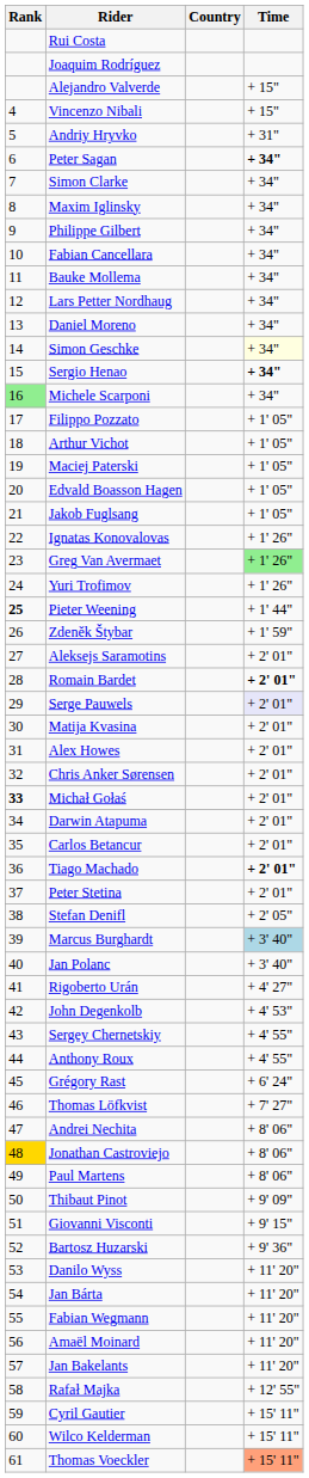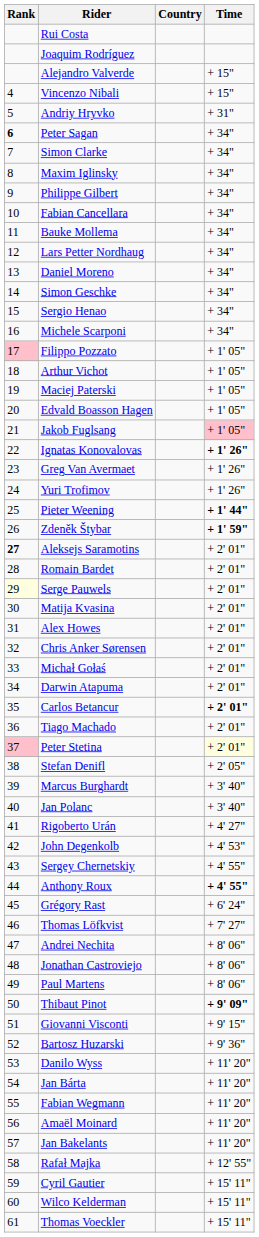 <table class="wikitable" style="font-size:95%; text-align:left;">
 <tr>
 <th>Rank</th>
 <th>Rider</th>
 <th>Country</th>
 <th>Time</th>
 </tr>
 <tr>
 <td></td>
 <td><a href='#'>Rui Costa</a></td>
 <td></td>
 <td></td>
 </tr>
 <tr>
 <td></td>
 <td><a href='#'>Joaquim Rodríguez</a></td>
 <td></td>
 <td></td>
 </tr>
 <tr>
 <td></td>
 <td><a href='#'>Alejandro Valverde</a></td>
 <td></td>
 <td>+ 15"</td>
 </tr>
 <tr>
 <td>4</td>
 <td><a href='#'>Vincenzo Nibali</a></td>
 <td></td>
 <td>+ 15"</td>
 </tr>
 <tr>
 <td>5</td>
 <td><a href='#'>Andriy Hryvko</a></td>
 <td></td>
 <td>+ 31"</td>
 </tr>
 <tr>
-<td>6</td>
+<td><strong>6</strong></td>
 <td><a href='#'>Peter Sagan</a></td>
 <td></td>
-<td><strong>+ 34"</strong></td>
+<td>+ 34"</td>
 </tr>
 <tr>
 <td>7</td>
 <td><a href='#'>Simon Clarke</a></td>
 <td></td>
 <td>+ 34"</td>
 </tr>
 <tr>
 <td>8</td>
 <td><a href='#'>Maxim Iglinsky</a></td>
 <td></td>
 <td>+ 34"</td>
 </tr>
 <tr>
 <td>9</td>
 <td><a href='#'>Philippe Gilbert</a></td>
 <td></td>
 <td>+ 34"</td>
 </tr>
 <tr>
 <td>10</td>
 <td><a href='#'>Fabian Cancellara</a></td>
 <td></td>
 <td>+ 34"</td>
 </tr>
 <tr>
 <td>11</td>
 <td><a href='#'>Bauke Mollema</a></td>
 <td></td>
 <td>+ 34"</td>
 </tr>
 <tr>
 <td>12</td>
 <td><a href='#'>Lars Petter Nordhaug</a></td>
 <td></td>
 <td>+ 34"</td>
 </tr>
 <tr>
 <td>13</td>
 <td><a href='#'>Daniel Moreno</a></td>
 <td></td>
 <td>+ 34"</td>
 </tr>
 <tr>
 <td>14</td>
 <td><a href='#'>Simon Geschke</a></td>
 <td></td>
-<td style="background: lightyellow;">+ 34"</td>
+<td>+ 34"</td>
 </tr>
 <tr>
 <td>15</td>
 <td><a href='#'>Sergio Henao</a></td>
 <td></td>
-<td><strong>+ 34"</strong></td>
+<td>+ 34"</td>
 </tr>
 <tr>
-<td style="background: lightgreen;">16</td>
+<td>16</td>
 <td><a href='#'>Michele Scarponi</a></td>
 <td></td>
 <td>+ 34"</td>
 </tr>
 <tr>
-<td>17</td>
+<td style="background: pink;">17</td>
 <td><a href='#'>Filippo Pozzato</a></td>
 <td></td>
 <td>+ 1' 05"</td>
 </tr>
 <tr>
 <td>18</td>
 <td><a href='#'>Arthur Vichot</a></td>
 <td></td>
 <td>+ 1' 05"</td>
 </tr>
 <tr>
 <td>19</td>
 <td><a href='#'>Maciej Paterski</a></td>
 <td></td>
 <td>+ 1' 05"</td>
 </tr>
 <tr>
 <td>20</td>
 <td><a href='#'>Edvald Boasson Hagen</a></td>
 <td></td>
 <td>+ 1' 05"</td>
 </tr>
 <tr>
 <td>21</td>
 <td><a href='#'>Jakob Fuglsang</a></td>
 <td></td>
-<td>+ 1' 05"</td>
+<td style="background: pink;">+ 1' 05"</td>
 </tr>
 <tr>
 <td>22</td>
 <td><a href='#'>Ignatas Konovalovas</a></td>
 <td></td>
-<td>+ 1' 26"</td>
+<td><strong>+ 1' 26"</strong></td>
 </tr>
 <tr>
 <td>23</td>
 <td><a href='#'>Greg Van Avermaet</a></td>
 <td></td>
-<td style="background: lightgreen;">+ 1' 26"</td>
+<td>+ 1' 26"</td>
 </tr>
 <tr>
 <td>24</td>
 <td><a href='#'>Yuri Trofimov</a></td>
 <td></td>
 <td>+ 1' 26"</td>
 </tr>
 <tr>
-<td><strong>25</strong></td>
+<td>25</td>
 <td><a href='#'>Pieter Weening</a></td>
 <td></td>
-<td>+ 1' 44"</td>
+<td><strong>+ 1' 44"</strong></td>
 </tr>
 <tr>
 <td>26</td>
 <td><a href='#'>Zdeněk Štybar</a></td>
 <td></td>
-<td>+ 1' 59"</td>
+<td><strong>+ 1' 59"</strong></td>
 </tr>
 <tr>
-<td>27</td>
+<td><strong>27</strong></td>
 <td><a href='#'>Aleksejs Saramotins</a></td>
 <td></td>
 <td>+ 2' 01"</td>
 </tr>
 <tr>
 <td>28</td>
 <td><a href='#'>Romain Bardet</a></td>
 <td></td>
-<td><strong>+ 2' 01"</strong></td>
+<td>+ 2' 01"</td>
 </tr>
 <tr>
-<td>29</td>
+<td style="background: lightyellow;">29</td>
 <td><a href='#'>Serge Pauwels</a></td>
 <td></td>
-<td style="background: lavender;">+ 2' 01"</td>
+<td>+ 2' 01"</td>
 </tr>
 <tr>
 <td>30</td>
 <td><a href='#'>Matija Kvasina</a></td>
 <td></td>
 <td>+ 2' 01"</td>
 </tr>
 <tr>
 <td>31</td>
 <td><a href='#'>Alex Howes</a></td>
 <td></td>
 <td>+ 2' 01"</td>
 </tr>
 <tr>
 <td>32</td>
 <td><a href='#'>Chris Anker Sørensen</a></td>
 <td></td>
 <td>+ 2' 01"</td>
 </tr>
 <tr>
-<td><strong>33</strong></td>
+<td>33</td>
 <td><a href='#'>Michał Gołaś</a></td>
 <td></td>
 <td>+ 2' 01"</td>
 </tr>
 <tr>
 <td>34</td>
 <td><a href='#'>Darwin Atapuma</a></td>
 <td></td>
 <td>+ 2' 01"</td>
 </tr>
 <tr>
 <td>35</td>
 <td><a href='#'>Carlos Betancur</a></td>
 <td></td>
-<td>+ 2' 01"</td>
+<td><strong>+ 2' 01"</strong></td>
 </tr>
 <tr>
 <td>36</td>
 <td><a href='#'>Tiago Machado</a></td>
 <td></td>
-<td><strong>+ 2' 01"</strong></td>
+<td>+ 2' 01"</td>
 </tr>
 <tr>
-<td>37</td>
+<td style="background: pink;">37</td>
 <td><a href='#'>Peter Stetina</a></td>
 <td></td>
-<td>+ 2' 01"</td>
+<td style="background: lightyellow;">+ 2' 01"</td>
 </tr>
 <tr>
 <td>38</td>
 <td><a href='#'>Stefan Denifl</a></td>
 <td></td>
 <td>+ 2' 05"</td>
 </tr>
 <tr>
 <td>39</td>
 <td><a href='#'>Marcus Burghardt</a></td>
 <td></td>
-<td style="background: lightblue;">+ 3' 40"</td>
+<td>+ 3' 40"</td>
 </tr>
 <tr>
 <td>40</td>
 <td><a href='#'>Jan Polanc</a></td>
 <td></td>
 <td>+ 3' 40"</td>
 </tr>
 <tr>
 <td>41</td>
 <td><a href='#'>Rigoberto Urán</a></td>
 <td></td>
 <td>+ 4' 27"</td>
 </tr>
 <tr>
 <td>42</td>
 <td><a href='#'>John Degenkolb</a></td>
 <td></td>
 <td>+ 4' 53"</td>
 </tr>
 <tr>
 <td>43</td>
 <td><a href='#'>Sergey Chernetskiy</a></td>
 <td></td>
 <td>+ 4' 55"</td>
 </tr>
 <tr>
 <td>44</td>
 <td><a href='#'>Anthony Roux</a></td>
 <td></td>
-<td>+ 4' 55"</td>
+<td><strong>+ 4' 55"</strong></td>
 </tr>
 <tr>
 <td>45</td>
 <td><a href='#'>Grégory Rast</a></td>
 <td></td>
 <td>+ 6' 24"</td>
 </tr>
 <tr>
 <td>46</td>
 <td><a href='#'>Thomas Löfkvist</a></td>
 <td></td>
 <td>+ 7' 27"</td>
 </tr>
 <tr>
 <td>47</td>
 <td><a href='#'>Andrei Nechita</a></td>
 <td></td>
 <td>+ 8' 06"</td>
 </tr>
 <tr>
-<td style="background: gold;">48</td>
+<td>48</td>
 <td><a href='#'>Jonathan Castroviejo</a></td>
 <td></td>
 <td>+ 8' 06"</td>
 </tr>
 <tr>
 <td>49</td>
 <td><a href='#'>Paul Martens</a></td>
 <td></td>
 <td>+ 8' 06"</td>
 </tr>
 <tr>
 <td>50</td>
 <td><a href='#'>Thibaut Pinot</a></td>
 <td></td>
-<td>+ 9' 09"</td>
+<td><strong>+ 9' 09"</strong></td>
 </tr>
 <tr>
 <td>51</td>
 <td><a href='#'>Giovanni Visconti</a></td>
 <td></td>
 <td>+ 9' 15"</td>
 </tr>
 <tr>
 <td>52</td>
 <td><a href='#'>Bartosz Huzarski</a></td>
 <td></td>
 <td>+ 9' 36"</td>
 </tr>
 <tr>
 <td>53</td>
 <td><a href='#'>Danilo Wyss</a></td>
 <td></td>
 <td>+ 11' 20"</td>
 </tr>
 <tr>
 <td>54</td>
 <td><a href='#'>Jan Bárta</a></td>
 <td></td>
 <td>+ 11' 20"</td>
 </tr>
 <tr>
 <td>55</td>
 <td><a href='#'>Fabian Wegmann</a></td>
 <td></td>
 <td>+ 11' 20"</td>
 </tr>
 <tr>
 <td>56</td>
 <td><a href='#'>Amaël Moinard</a></td>
 <td></td>
 <td>+ 11' 20"</td>
 </tr>
 <tr>
 <td>57</td>
 <td><a href='#'>Jan Bakelants</a></td>
 <td></td>
 <td>+ 11' 20"</td>
 </tr>
 <tr>
 <td>58</td>
 <td><a href='#'>Rafał Majka</a></td>
 <td></td>
 <td>+ 12' 55"</td>
 </tr>
 <tr>
 <td>59</td>
 <td><a href='#'>Cyril Gautier</a></td>
 <td></td>
 <td>+ 15' 11"</td>
 </tr>
 <tr>
 <td>60</td>
 <td><a href='#'>Wilco Kelderman</a></td>
 <td></td>
 <td>+ 15' 11"</td>
 </tr>
 <tr>
 <td>61</td>
 <td><a href='#'>Thomas Voeckler</a></td>
 <td></td>
-<td style="background: lightsalmon;">+ 15' 11"</td>
+<td>+ 15' 11"</td>
 </tr>
 </table>
